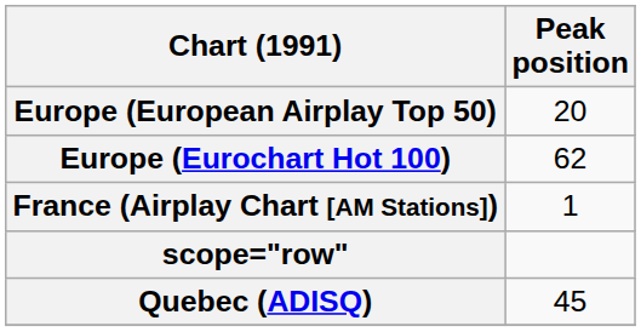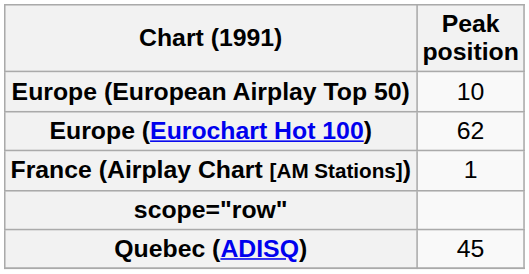 <table class="wikitable sortable plainrowheaders">
 <tr>
 <th>Chart (1991)</th>
 <th>Peak<br>position</th>
 </tr>
 <tr>
 <th scope="row">Europe (European Airplay Top 50)</th>
-<td align="center">20</td>
+<td align="center">10</td>
 </tr>
 <tr>
 <th scope="row">Europe (<a href='#'>Eurochart Hot 100</a>)</th>
 <td align="center">62</td>
 </tr>
 <tr>
 <th scope="row">France (Airplay Chart <small>[AM Stations]</small>)</th>
 <td align="center">1</td>
 </tr>
 <tr>
 <th>scope="row"</th>
 </tr>
 <tr>
 <th scope="row">Quebec (<a href='#'>ADISQ</a>)</th>
 <td align="center">45</td>
 </tr>
 <tr>
 </tr>
 </table>
